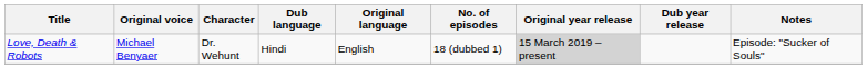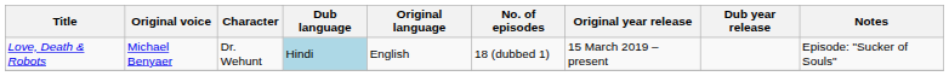 <table class="wikitable">
 <tr>
 <th>Title</th>
 <th>Original voice</th>
 <th>Character</th>
 <th>Dub language</th>
 <th>Original language</th>
 <th>No. of episodes</th>
 <th>Original year release</th>
 <th>Dub year release</th>
 <th>Notes</th>
 </tr>
 <tr>
 <td><em><a href='#'>Love, Death & Robots</a></em></td>
 <td><a href='#'>Michael Benyaer</a></td>
 <td>Dr. Wehunt</td>
-<td>Hindi</td>
+<td style="background: lightblue;">Hindi</td>
 <td>English</td>
 <td>18 (dubbed 1)</td>
-<td style="background: lightgrey;">15 March 2019 – present</td>
+<td>15 March 2019 – present</td>
 <td></td>
 <td>Episode: "Sucker of Souls"</td>
 </tr>
 <tr>
 </tr>
 </table>
